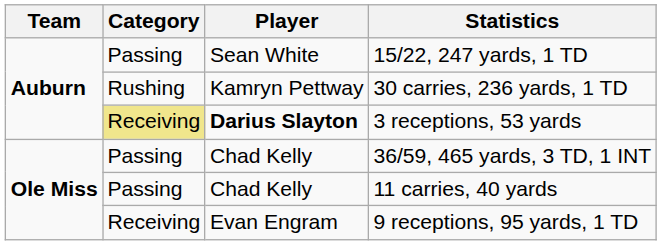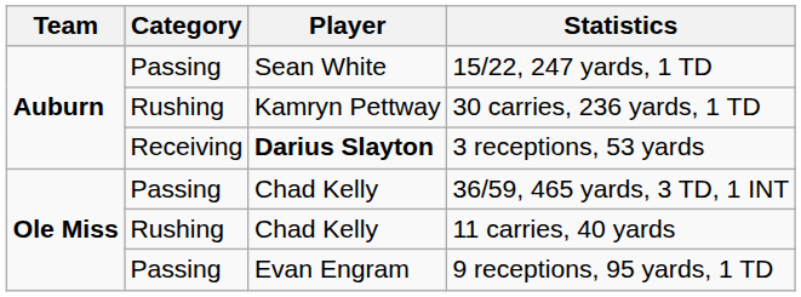 <table class="wikitable" style="float: right;">
 <tr>
 <th>Team</th>
 <th>Category</th>
 <th>Player</th>
 <th>Statistics</th>
 </tr>
 <tr>
 <td rowspan=3><strong>Auburn</strong></td>
 <td>Passing</td>
 <td>Sean White</td>
 <td>15/22, 247 yards, 1 TD</td>
 </tr>
 <tr>
 <td>Rushing</td>
 <td>Kamryn Pettway</td>
 <td>30 carries, 236 yards, 1 TD</td>
 </tr>
 <tr>
-<td style="background: khaki;">Receiving</td>
+<td>Receiving</td>
 <td><strong>Darius Slayton</strong></td>
 <td>3 receptions, 53 yards</td>
 </tr>
 <tr>
 <td rowspan=3><strong>Ole Miss</strong></td>
 <td>Passing</td>
 <td>Chad Kelly</td>
 <td>36/59, 465 yards, 3 TD, 1 INT</td>
 </tr>
 <tr>
-<td>Passing</td>
+<td>Rushing</td>
 <td>Chad Kelly</td>
 <td>11 carries, 40 yards</td>
 </tr>
 <tr>
-<td>Receiving</td>
+<td>Passing</td>
 <td>Evan Engram</td>
 <td>9 receptions, 95 yards, 1 TD</td>
 </tr>
 </table>
